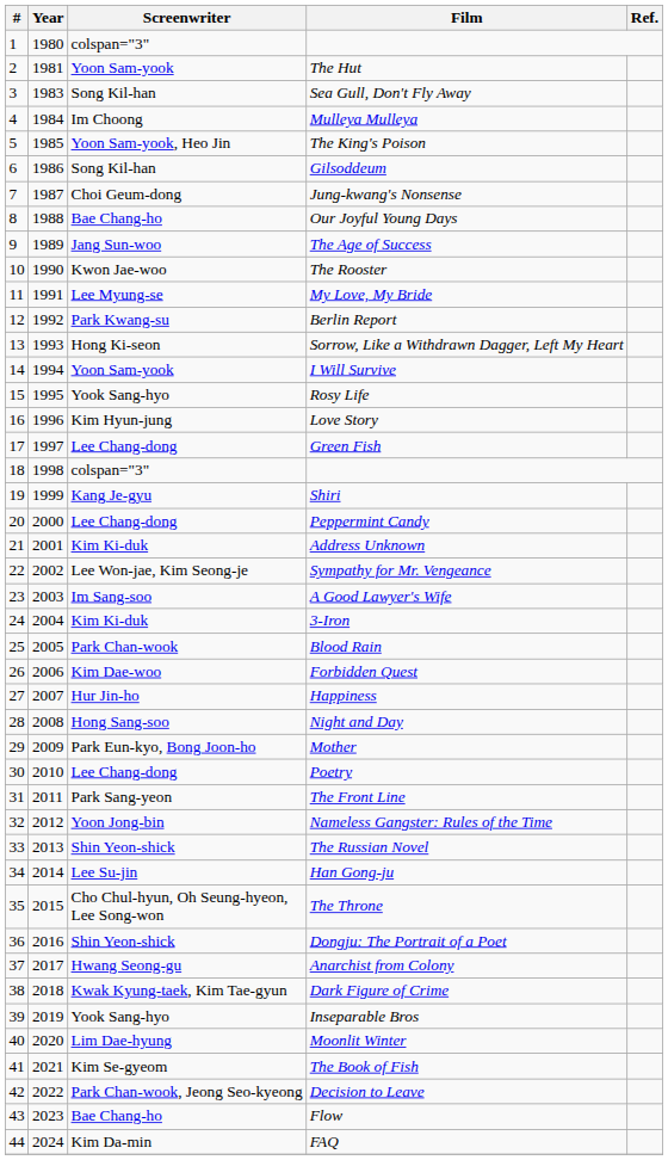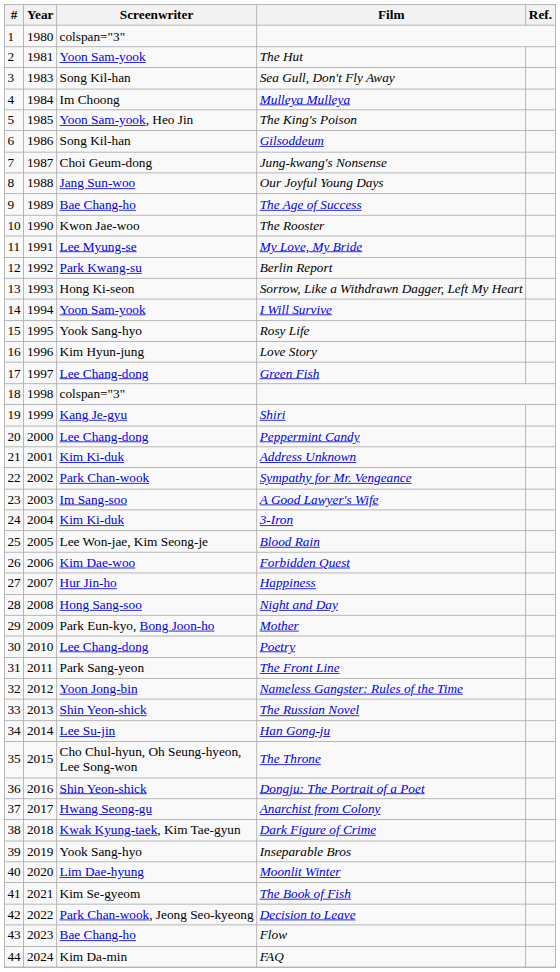 <table class="wikitable">
 <tr>
 <th>#</th>
 <th>Year</th>
 <th>Screenwriter</th>
 <th>Film</th>
 <th>Ref.</th>
 </tr>
 <tr>
 <td>1</td>
 <td>1980</td>
 <td>colspan="3" </td>
 </tr>
 <tr>
 <td>2</td>
 <td>1981</td>
 <td><a href='#'>Yoon Sam-yook</a></td>
 <td><em>The Hut</em></td>
 <td></td>
 </tr>
 <tr>
 <td>3</td>
 <td>1983</td>
 <td>Song Kil-han</td>
 <td><em>Sea Gull, Don't Fly Away</em></td>
 <td></td>
 </tr>
 <tr>
 <td>4</td>
 <td>1984</td>
 <td>Im Choong</td>
 <td><em><a href='#'>Mulleya Mulleya</a></em></td>
 <td></td>
 </tr>
 <tr>
 <td>5</td>
 <td>1985</td>
 <td><a href='#'>Yoon Sam-yook</a>, Heo Jin</td>
 <td><em>The King's Poison</em></td>
 <td></td>
 </tr>
 <tr>
 <td>6</td>
 <td>1986</td>
 <td>Song Kil-han</td>
 <td><em><a href='#'>Gilsoddeum</a></em></td>
 <td></td>
 </tr>
 <tr>
 <td>7</td>
 <td>1987</td>
 <td>Choi Geum-dong</td>
 <td><em>Jung-kwang's Nonsense</em></td>
 <td></td>
 </tr>
 <tr>
 <td>8</td>
 <td>1988</td>
-<td><a href='#'>Bae Chang-ho</a></td>
+<td><a href='#'>Jang Sun-woo</a></td>
 <td><em>Our Joyful Young Days</em></td>
 <td></td>
 </tr>
 <tr>
 <td>9</td>
 <td>1989</td>
-<td><a href='#'>Jang Sun-woo</a></td>
+<td><a href='#'>Bae Chang-ho</a></td>
 <td><em><a href='#'>The Age of Success</a></em></td>
 <td></td>
 </tr>
 <tr>
 <td>10</td>
 <td>1990</td>
 <td>Kwon Jae-woo</td>
 <td><em>The Rooster</em></td>
 <td></td>
 </tr>
 <tr>
 <td>11</td>
 <td>1991</td>
 <td><a href='#'>Lee Myung-se</a></td>
 <td><em><a href='#'>My Love, My Bride</a></em></td>
 <td></td>
 </tr>
 <tr>
 <td>12</td>
 <td>1992</td>
 <td><a href='#'>Park Kwang-su</a></td>
 <td><em>Berlin Report</em></td>
 <td></td>
 </tr>
 <tr>
 <td>13</td>
 <td>1993</td>
 <td>Hong Ki-seon</td>
 <td><em>Sorrow, Like a Withdrawn Dagger, Left My Heart</em></td>
 <td></td>
 </tr>
 <tr>
 <td>14</td>
 <td>1994</td>
 <td><a href='#'>Yoon Sam-yook</a></td>
 <td><em><a href='#'>I Will Survive</a></em></td>
 <td></td>
 </tr>
 <tr>
 <td>15</td>
 <td>1995</td>
 <td>Yook Sang-hyo</td>
 <td><em>Rosy Life</em></td>
 <td></td>
 </tr>
 <tr>
 <td>16</td>
 <td>1996</td>
 <td>Kim Hyun-jung</td>
 <td><em>Love Story</em></td>
 <td></td>
 </tr>
 <tr>
 <td>17</td>
 <td>1997</td>
 <td><a href='#'>Lee Chang-dong</a></td>
 <td><em><a href='#'>Green Fish</a></em></td>
 <td></td>
 </tr>
 <tr>
 <td>18</td>
 <td>1998</td>
 <td>colspan="3" </td>
 </tr>
 <tr>
 <td>19</td>
 <td>1999</td>
 <td><a href='#'>Kang Je-gyu</a></td>
 <td><em><a href='#'>Shiri</a></em></td>
 <td></td>
 </tr>
 <tr>
 <td>20</td>
 <td>2000</td>
 <td><a href='#'>Lee Chang-dong</a></td>
 <td><em><a href='#'>Peppermint Candy</a></em></td>
 <td></td>
 </tr>
 <tr>
 <td>21</td>
 <td>2001</td>
 <td><a href='#'>Kim Ki-duk</a></td>
 <td><em><a href='#'>Address Unknown</a></em></td>
 <td></td>
 </tr>
 <tr>
 <td>22</td>
 <td>2002</td>
-<td>Lee Won-jae, Kim Seong-je</td>
+<td><a href='#'>Park Chan-wook</a></td>
 <td><em><a href='#'>Sympathy for Mr. Vengeance</a></em></td>
 <td></td>
 </tr>
 <tr>
 <td>23</td>
 <td>2003</td>
 <td><a href='#'>Im Sang-soo</a></td>
 <td><em><a href='#'>A Good Lawyer's Wife</a></em></td>
 <td></td>
 </tr>
 <tr>
 <td>24</td>
 <td>2004</td>
 <td><a href='#'>Kim Ki-duk</a></td>
 <td><em><a href='#'>3-Iron</a></em></td>
 <td></td>
 </tr>
 <tr>
 <td>25</td>
 <td>2005</td>
-<td><a href='#'>Park Chan-wook</a></td>
+<td>Lee Won-jae, Kim Seong-je</td>
 <td><em><a href='#'>Blood Rain</a></em></td>
 <td></td>
 </tr>
 <tr>
 <td>26</td>
 <td>2006</td>
 <td><a href='#'>Kim Dae-woo</a></td>
 <td><em><a href='#'>Forbidden Quest</a></em></td>
 <td></td>
 </tr>
 <tr>
 <td>27</td>
 <td>2007</td>
 <td><a href='#'>Hur Jin-ho</a></td>
 <td><em><a href='#'>Happiness</a></em></td>
 <td></td>
 </tr>
 <tr>
 <td>28</td>
 <td>2008</td>
 <td><a href='#'>Hong Sang-soo</a></td>
 <td><em><a href='#'>Night and Day</a></em></td>
 <td></td>
 </tr>
 <tr>
 <td>29</td>
 <td>2009</td>
 <td>Park Eun-kyo, <a href='#'>Bong Joon-ho</a></td>
 <td><em><a href='#'>Mother</a></em></td>
 <td></td>
 </tr>
 <tr>
 <td>30</td>
 <td>2010</td>
 <td><a href='#'>Lee Chang-dong</a></td>
 <td><em><a href='#'>Poetry</a></em></td>
 <td></td>
 </tr>
 <tr>
 <td>31</td>
 <td>2011</td>
 <td>Park Sang-yeon</td>
 <td><em><a href='#'>The Front Line</a></em></td>
 <td></td>
 </tr>
 <tr>
 <td>32</td>
 <td>2012</td>
 <td><a href='#'>Yoon Jong-bin</a></td>
 <td><em><a href='#'>Nameless Gangster: Rules of the Time</a></em></td>
 <td></td>
 </tr>
 <tr>
 <td>33</td>
 <td>2013</td>
 <td><a href='#'>Shin Yeon-shick</a></td>
 <td><em><a href='#'>The Russian Novel</a></em></td>
 <td></td>
 </tr>
 <tr>
 <td>34</td>
 <td>2014</td>
 <td><a href='#'>Lee Su-jin</a></td>
 <td><em><a href='#'>Han Gong-ju</a></em></td>
 <td></td>
 </tr>
 <tr>
 <td>35</td>
 <td>2015</td>
 <td>Cho Chul-hyun, Oh Seung-hyeon, <br> Lee Song-won</td>
 <td><em><a href='#'>The Throne</a></em></td>
 <td></td>
 </tr>
 <tr>
 <td>36</td>
 <td>2016</td>
 <td><a href='#'>Shin Yeon-shick</a></td>
 <td><em><a href='#'>Dongju: The Portrait of a Poet</a></em></td>
 <td></td>
 </tr>
 <tr>
 <td>37</td>
 <td>2017</td>
 <td><a href='#'>Hwang Seong-gu</a></td>
 <td><em><a href='#'>Anarchist from Colony</a></em></td>
 <td></td>
 </tr>
 <tr>
 <td>38</td>
 <td>2018</td>
 <td><a href='#'>Kwak Kyung-taek</a>, Kim Tae-gyun</td>
 <td><em><a href='#'>Dark Figure of Crime</a></em></td>
 <td></td>
 </tr>
 <tr>
 <td>39</td>
 <td>2019</td>
 <td>Yook Sang-hyo</td>
 <td><em>Inseparable Bros</em></td>
 <td></td>
 </tr>
 <tr>
 <td>40</td>
 <td>2020</td>
 <td><a href='#'>Lim Dae-hyung</a></td>
 <td><em><a href='#'>Moonlit Winter</a></em></td>
 <td></td>
 </tr>
 <tr>
 <td>41</td>
 <td>2021</td>
 <td>Kim Se-gyeom</td>
 <td><em><a href='#'>The Book of Fish</a></em></td>
 <td></td>
 </tr>
 <tr>
 <td>42</td>
 <td>2022</td>
 <td><a href='#'>Park Chan-wook</a>, Jeong Seo-kyeong</td>
 <td><em><a href='#'>Decision to Leave</a></em></td>
 <td></td>
 </tr>
 <tr>
 <td>43</td>
 <td>2023</td>
 <td><a href='#'>Bae Chang-ho</a></td>
 <td><em>Flow</em></td>
 <td></td>
 </tr>
 <tr>
 <td>44</td>
 <td>2024</td>
 <td>Kim Da-min</td>
 <td><em>FAQ</em></td>
 <td></td>
 </tr>
 <tr>
 </tr>
 </table>
